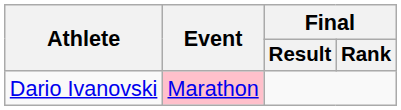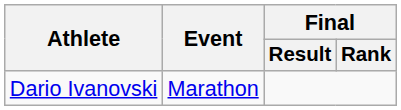 <table class="wikitable" style="font-size:90%">
 <tr>
 <th rowspan="2">Athlete</th>
 <th rowspan="2">Event</th>
 <th colspan="2">Final</th>
 </tr>
 <tr style="font-size:95%">
 <th>Result</th>
 <th>Rank</th>
 </tr>
 <tr align=center>
 <td align=left><a href='#'>Dario Ivanovski</a></td>
-<td align=left style="background: pink;"><a href='#'>Marathon</a></td>
+<td align=left><a href='#'>Marathon</a></td>
 <td colspan=2></td>
 </tr>
 </table>
